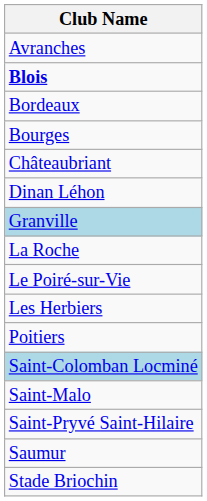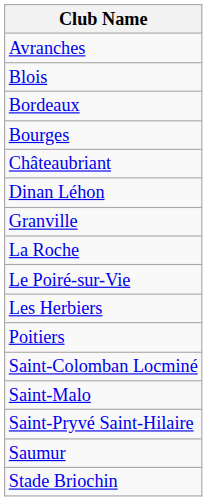 <table class="wikitable">
 <tr>
 <th>Club Name</th>
 </tr>
 <tr>
 <td><a href='#'>Avranches</a></td>
 </tr>
 <tr>
-<td><strong><a href='#'>Blois</a></strong></td>
+<td><a href='#'>Blois</a></td>
 </tr>
 <tr>
 <td><a href='#'>Bordeaux</a></td>
 </tr>
 <tr>
 <td><a href='#'>Bourges</a></td>
 </tr>
 <tr>
 <td><a href='#'>Châteaubriant</a></td>
 </tr>
 <tr>
 <td><a href='#'>Dinan Léhon</a></td>
 </tr>
 <tr>
-<td style="background: lightblue;"><a href='#'>Granville</a></td>
+<td><a href='#'>Granville</a></td>
 </tr>
 <tr>
 <td><a href='#'>La Roche</a></td>
 </tr>
 <tr>
 <td><a href='#'>Le Poiré-sur-Vie</a></td>
 </tr>
 <tr>
 <td><a href='#'>Les Herbiers</a></td>
 </tr>
 <tr>
 <td><a href='#'>Poitiers</a></td>
 </tr>
 <tr>
-<td style="background: lightblue;"><a href='#'>Saint-Colomban Locminé</a></td>
+<td><a href='#'>Saint-Colomban Locminé</a></td>
 </tr>
 <tr>
 <td><a href='#'>Saint-Malo</a></td>
 </tr>
 <tr>
 <td><a href='#'>Saint-Pryvé Saint-Hilaire</a></td>
 </tr>
 <tr>
 <td><a href='#'>Saumur</a></td>
 </tr>
 <tr>
 <td><a href='#'>Stade Briochin</a></td>
 </tr>
 </table>
